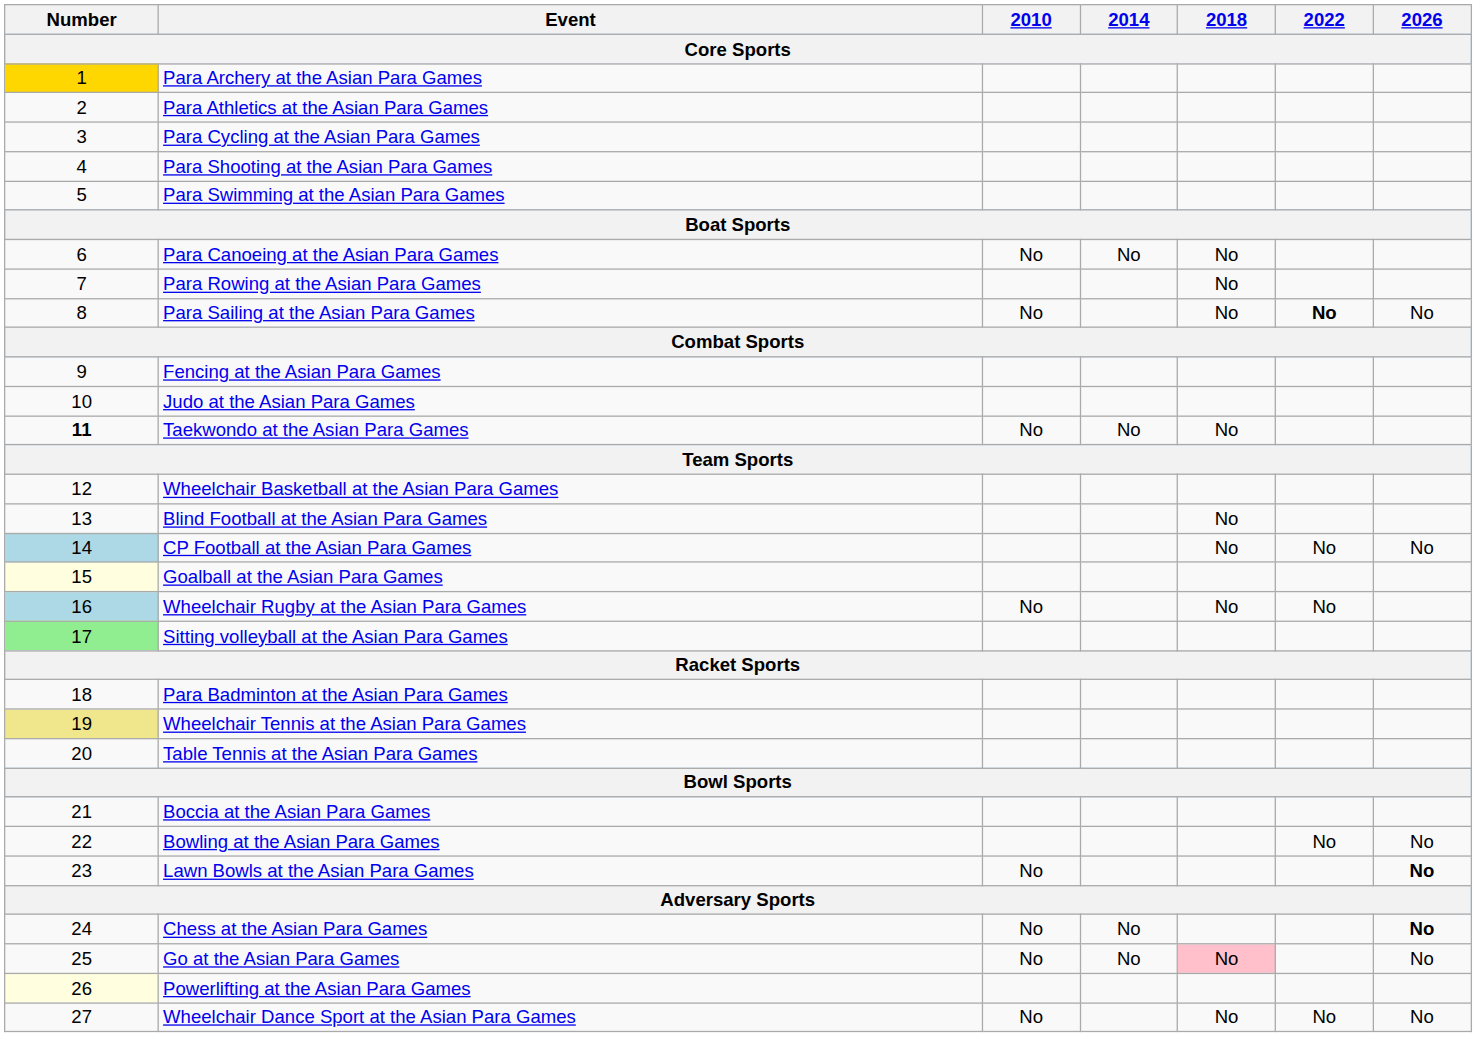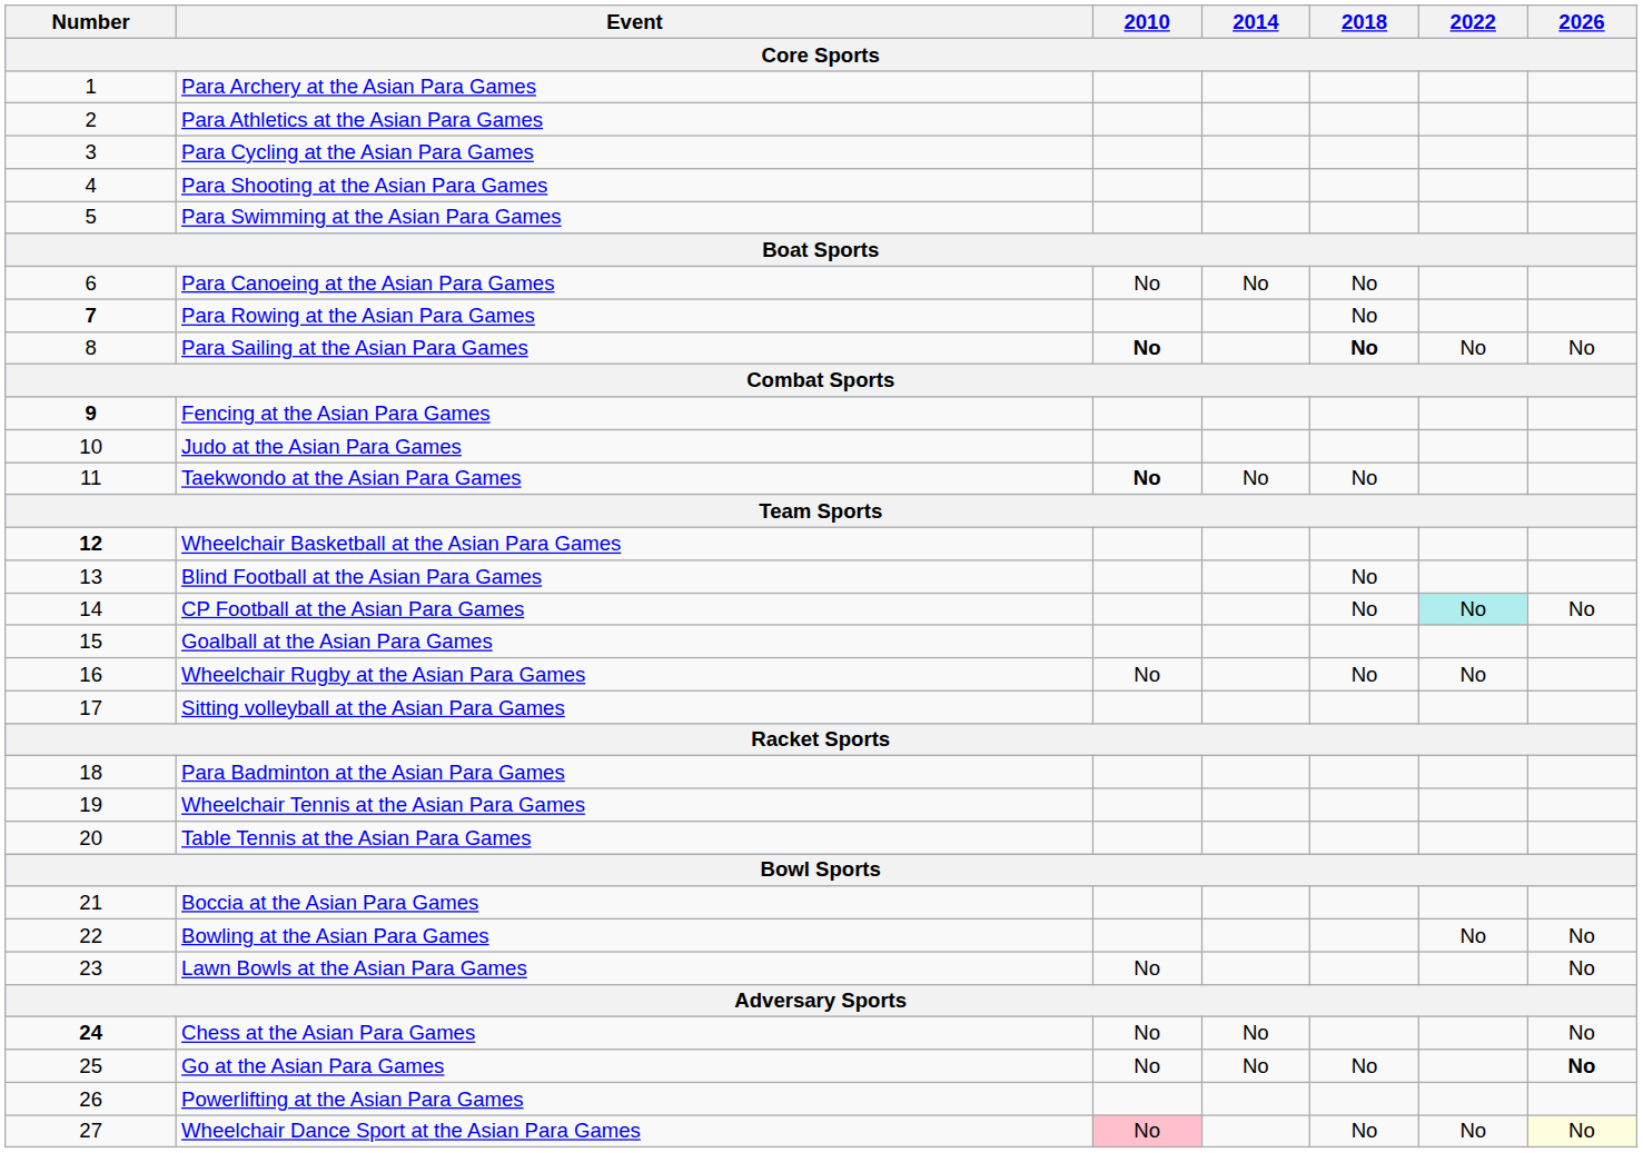 <table class="wikitable sortable" width=90% style="font-size:90%; text-align:left;">
 <tr>
 <th>Number</th>
 <th>Event</th>
 <th><a href='#'>2010</a></th>
 <th><a href='#'>2014</a></th>
 <th><a href='#'>2018</a></th>
 <th><a href='#'>2022</a></th>
 <th><a href='#'>2026</a></th>
 </tr>
 <tr style="background:#9acdff;">
 <th colspan=7>Core Sports</th>
 </tr>
 <tr>
-<td align=center style="background: gold;">1</td>
+<td align=center>1</td>
 <td><a href='#'>Para Archery at the Asian Para Games</a></td>
 <td></td>
 <td></td>
 <td></td>
 <td></td>
 <td></td>
 </tr>
 <tr>
 <td align=center>2</td>
 <td><a href='#'>Para Athletics at the Asian Para Games</a></td>
 <td></td>
 <td></td>
 <td></td>
 <td></td>
 <td></td>
 </tr>
 <tr>
 <td align=center>3</td>
 <td><a href='#'>Para Cycling at the Asian Para Games</a></td>
 <td></td>
 <td></td>
 <td></td>
 <td></td>
 <td></td>
 </tr>
 <tr>
 <td align=center>4</td>
 <td><a href='#'>Para Shooting at the Asian Para Games</a></td>
 <td></td>
 <td></td>
 <td></td>
 <td></td>
 <td></td>
 </tr>
 <tr>
 <td align=center>5</td>
 <td><a href='#'>Para Swimming at the Asian Para Games</a></td>
 <td></td>
 <td></td>
 <td></td>
 <td></td>
 <td></td>
 </tr>
 <tr style="background:#9acdff;">
 <th colspan=7>Boat Sports</th>
 </tr>
 <tr>
 <td align=center>6</td>
 <td><a href='#'>Para Canoeing at the Asian Para Games</a></td>
 <td align=center>No</td>
 <td align=center>No</td>
 <td align=center>No</td>
 <td></td>
 <td></td>
 </tr>
 <tr>
-<td align=center>7</td>
+<td align=center><strong>7</strong></td>
 <td><a href='#'>Para Rowing at the Asian Para Games</a></td>
 <td></td>
 <td></td>
 <td align=center>No</td>
 <td></td>
 <td></td>
 </tr>
 <tr>
 <td align=center>8</td>
 <td><a href='#'>Para Sailing at the Asian Para Games</a></td>
+<td align=center><strong>No</strong></td>
+<td></td>
+<td align=center><strong>No</strong></td>
 <td align=center>No</td>
-<td></td>
-<td align=center>No</td>
-<td align=center><strong>No</strong></td>
 <td align=center>No</td>
 </tr>
 <tr style="background:#9acdff;">
 <th colspan=7>Combat Sports</th>
 </tr>
 <tr>
-<td align=center>9</td>
+<td align=center><strong>9</strong></td>
 <td><a href='#'>Fencing at the Asian Para Games</a></td>
 <td></td>
 <td></td>
 <td></td>
 <td></td>
 <td></td>
 </tr>
 <tr>
 <td align=center>10</td>
 <td><a href='#'>Judo at the Asian Para Games</a></td>
 <td></td>
 <td></td>
 <td></td>
 <td></td>
 <td></td>
 </tr>
 <tr>
-<td align=center><strong>11</strong></td>
+<td align=center>11</td>
 <td><a href='#'>Taekwondo at the Asian Para Games</a></td>
-<td align=center>No</td>
+<td align=center><strong>No</strong></td>
 <td align=center>No</td>
 <td align=center>No</td>
 <td></td>
 <td></td>
 </tr>
 <tr style="background:#9acdff;">
 <th colspan=7>Team Sports</th>
 </tr>
 <tr>
-<td align=center>12</td>
+<td align=center><strong>12</strong></td>
 <td><a href='#'>Wheelchair Basketball at the Asian Para Games</a></td>
 <td></td>
 <td></td>
 <td></td>
 <td></td>
 <td></td>
 </tr>
 <tr>
 <td align=center>13</td>
 <td><a href='#'>Blind Football at the Asian Para Games</a></td>
 <td></td>
 <td></td>
 <td align=center>No</td>
 <td></td>
 <td></td>
 </tr>
 <tr>
-<td align=center style="background: lightblue;">14</td>
+<td align=center>14</td>
 <td><a href='#'>CP Football at the Asian Para Games</a></td>
 <td></td>
 <td></td>
 <td align=center>No</td>
-<td align=center>No</td>
+<td align=center style="background: paleturquoise;">No</td>
 <td align=center>No</td>
 </tr>
 <tr>
-<td align=center style="background: lightyellow;">15</td>
+<td align=center>15</td>
 <td><a href='#'>Goalball at the Asian Para Games</a></td>
 <td></td>
 <td></td>
 <td></td>
 <td></td>
 <td></td>
 </tr>
 <tr>
-<td align=center style="background: lightblue;">16</td>
+<td align=center>16</td>
 <td><a href='#'>Wheelchair Rugby at the Asian Para Games</a></td>
 <td align=center>No</td>
 <td></td>
 <td align=center>No</td>
 <td align=center>No</td>
 <td></td>
 </tr>
 <tr>
-<td align=center style="background: lightgreen;">17</td>
+<td align=center>17</td>
 <td><a href='#'>Sitting volleyball at the Asian Para Games</a></td>
 <td></td>
 <td></td>
 <td></td>
 <td></td>
 <td></td>
 </tr>
 <tr style="background:#9acdff;">
 <th colspan=7>Racket Sports</th>
 </tr>
 <tr>
 <td align=center>18</td>
 <td><a href='#'>Para Badminton at the Asian Para Games</a></td>
 <td></td>
 <td></td>
 <td></td>
 <td></td>
 <td></td>
 </tr>
 <tr>
-<td align=center style="background: khaki;">19</td>
+<td align=center>19</td>
 <td><a href='#'>Wheelchair Tennis at the Asian Para Games</a></td>
 <td></td>
 <td></td>
 <td></td>
 <td></td>
 <td></td>
 </tr>
 <tr>
 <td align=center>20</td>
 <td><a href='#'>Table Tennis at the Asian Para Games</a></td>
 <td></td>
 <td></td>
 <td></td>
 <td></td>
 <td></td>
 </tr>
 <tr style="background:#9acdff;">
 <th colspan=7>Bowl Sports</th>
 </tr>
 <tr>
 <td align=center>21</td>
 <td><a href='#'>Boccia at the Asian Para Games</a></td>
 <td></td>
 <td></td>
 <td></td>
 <td></td>
 <td></td>
 </tr>
 <tr>
 <td align=center>22</td>
 <td><a href='#'>Bowling at the Asian Para Games</a></td>
 <td></td>
 <td></td>
 <td></td>
 <td align=center>No</td>
 <td align=center>No</td>
 </tr>
 <tr>
 <td align=center>23</td>
 <td><a href='#'>Lawn Bowls at the Asian Para Games</a></td>
 <td align=center>No</td>
 <td></td>
 <td></td>
 <td></td>
-<td align=center><strong>No</strong></td>
+<td align=center>No</td>
 </tr>
 <tr style="background:#9acdff;">
 <th colspan=7>Adversary Sports</th>
 </tr>
 <tr>
-<td align=center>24</td>
+<td align=center><strong>24</strong></td>
 <td><a href='#'>Chess at the Asian Para Games</a></td>
 <td align=center>No</td>
 <td align=center>No</td>
 <td></td>
 <td></td>
-<td align=center><strong>No</strong></td>
+<td align=center>No</td>
 </tr>
 <tr>
 <td align=center>25</td>
 <td><a href='#'>Go at the Asian Para Games</a></td>
 <td align=center>No</td>
 <td align=center>No</td>
-<td align=center style="background: pink;">No</td>
+<td align=center>No</td>
 <td></td>
-<td align=center>No</td>
+<td align=center><strong>No</strong></td>
 </tr>
 <tr>
-<td align=center style="background: lightyellow;">26</td>
+<td align=center>26</td>
 <td><a href='#'>Powerlifting at the Asian Para Games</a></td>
 <td></td>
 <td></td>
 <td></td>
 <td></td>
 <td></td>
 </tr>
 <tr>
 <td align=center>27</td>
 <td><a href='#'>Wheelchair Dance Sport at the Asian Para Games</a></td>
-<td align=center>No</td>
+<td align=center style="background: pink;">No</td>
 <td></td>
 <td align=center>No</td>
 <td align=center>No</td>
-<td align=center>No</td>
+<td align=center style="background: lightyellow;">No</td>
 </tr>
 </table>
